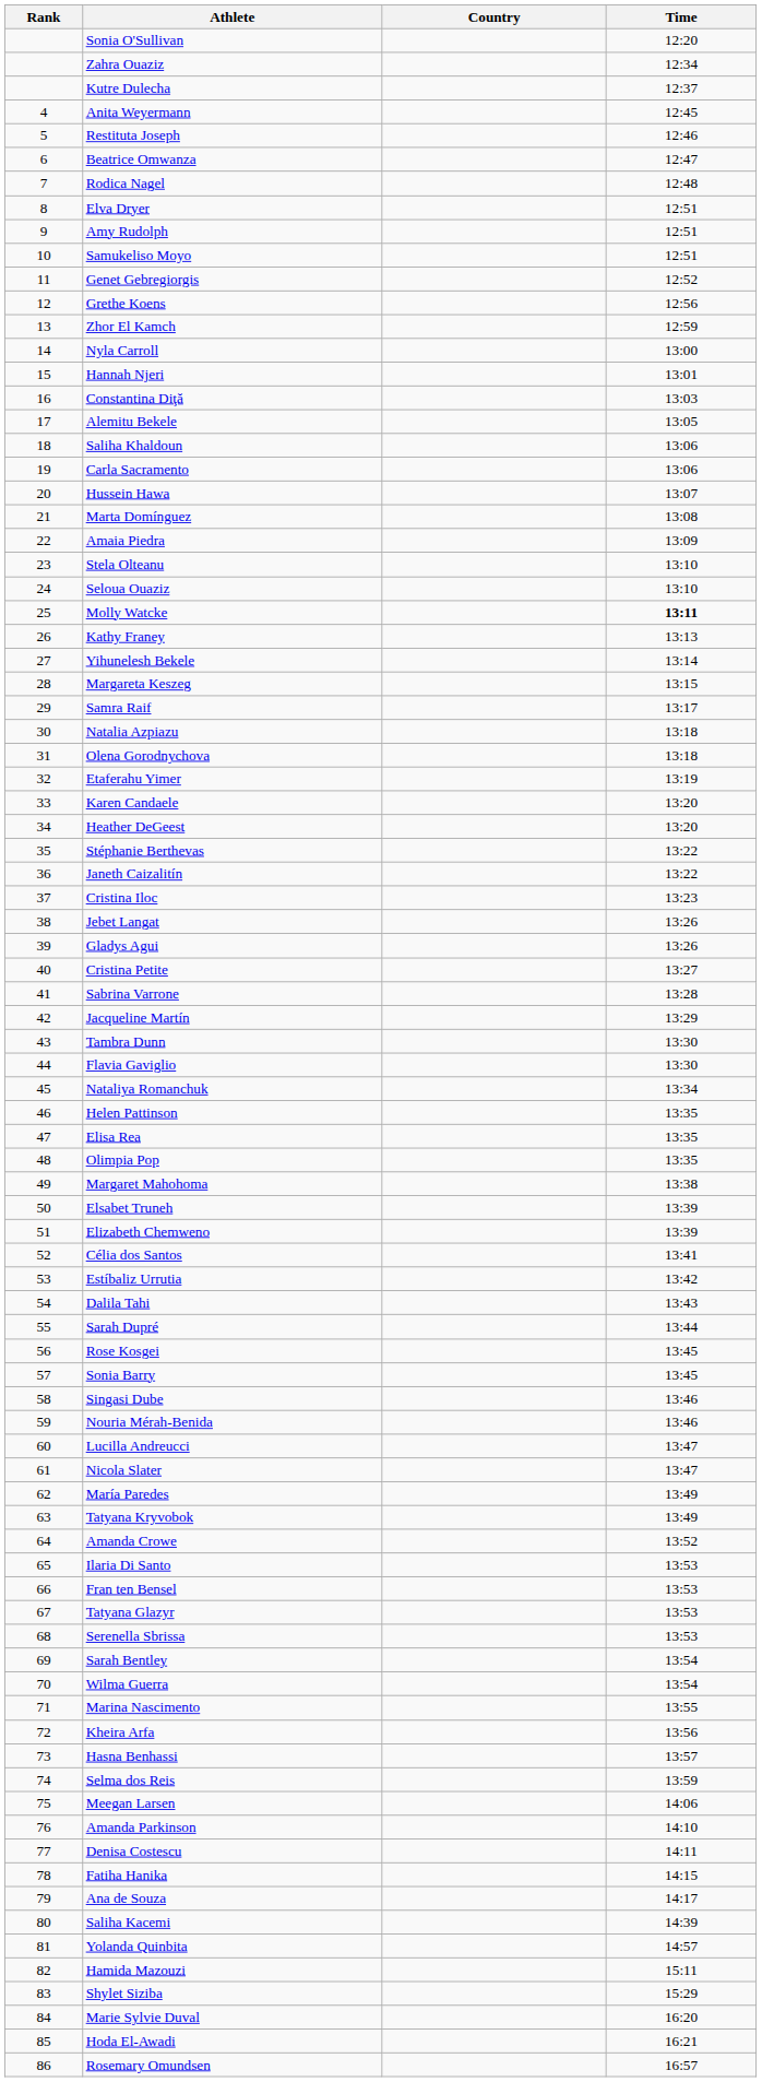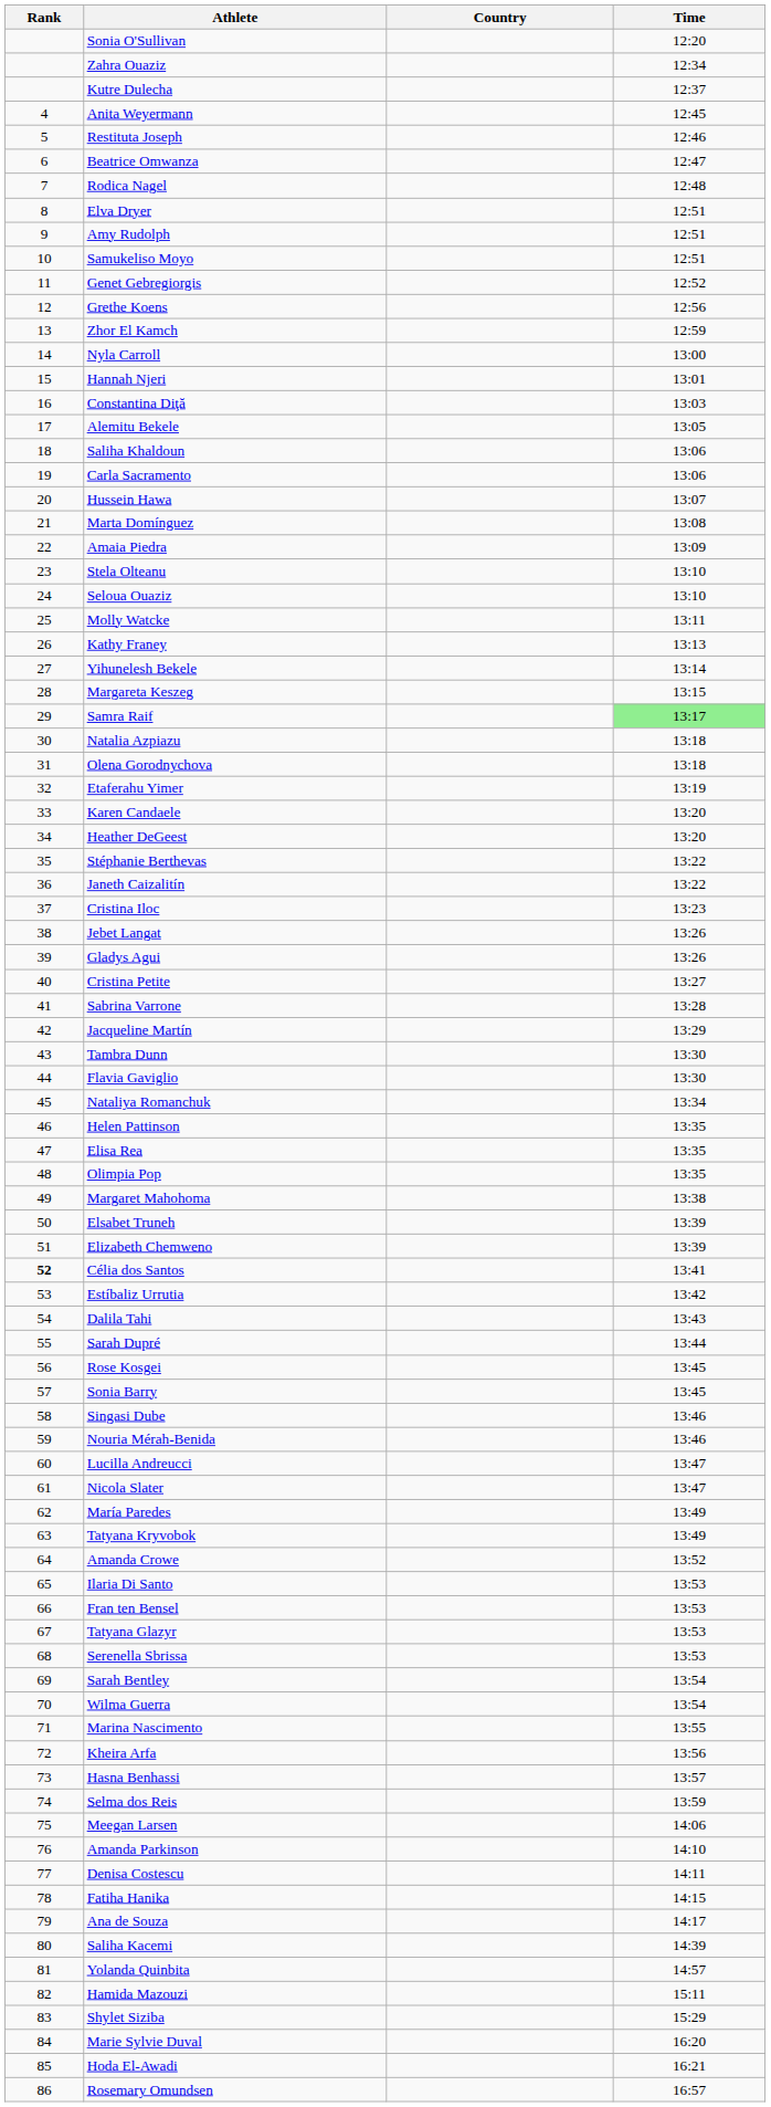 <table class="wikitable sortable" style=" text-align:center; font-size:95%;" width="50%">
 <tr>
 <th width=5%>Rank</th>
 <th width=20%>Athlete</th>
 <th width=15%>Country</th>
 <th width=10%>Time</th>
 </tr>
 <tr>
 <td align=center></td>
 <td align=left><a href='#'>Sonia O'Sullivan</a></td>
 <td align=left></td>
 <td>12:20</td>
 </tr>
 <tr>
 <td align=center></td>
 <td align=left><a href='#'>Zahra Ouaziz</a></td>
 <td align=left></td>
 <td>12:34</td>
 </tr>
 <tr>
 <td align=center></td>
 <td align=left><a href='#'>Kutre Dulecha</a></td>
 <td align=left></td>
 <td>12:37</td>
 </tr>
 <tr>
 <td align=center>4</td>
 <td align=left><a href='#'>Anita Weyermann</a></td>
 <td align=left></td>
 <td>12:45</td>
 </tr>
 <tr>
 <td align=center>5</td>
 <td align=left><a href='#'>Restituta Joseph</a></td>
 <td align=left></td>
 <td>12:46</td>
 </tr>
 <tr>
 <td align=center>6</td>
 <td align=left><a href='#'>Beatrice Omwanza</a></td>
 <td align=left></td>
 <td>12:47</td>
 </tr>
 <tr>
 <td align=center>7</td>
 <td align=left><a href='#'>Rodica Nagel</a></td>
 <td align=left></td>
 <td>12:48</td>
 </tr>
 <tr>
 <td align=center>8</td>
 <td align=left><a href='#'>Elva Dryer</a></td>
 <td align=left></td>
 <td>12:51</td>
 </tr>
 <tr>
 <td align=center>9</td>
 <td align=left><a href='#'>Amy Rudolph</a></td>
 <td align=left></td>
 <td>12:51</td>
 </tr>
 <tr>
 <td align=center>10</td>
 <td align=left><a href='#'>Samukeliso Moyo</a></td>
 <td align=left></td>
 <td>12:51</td>
 </tr>
 <tr>
 <td align=center>11</td>
 <td align=left><a href='#'>Genet Gebregiorgis</a></td>
 <td align=left></td>
 <td>12:52</td>
 </tr>
 <tr>
 <td align=center>12</td>
 <td align=left><a href='#'>Grethe Koens</a></td>
 <td align=left></td>
 <td>12:56</td>
 </tr>
 <tr>
 <td align=center>13</td>
 <td align=left><a href='#'>Zhor El Kamch</a></td>
 <td align=left></td>
 <td>12:59</td>
 </tr>
 <tr>
 <td align=center>14</td>
 <td align=left><a href='#'>Nyla Carroll</a></td>
 <td align=left></td>
 <td>13:00</td>
 </tr>
 <tr>
 <td align=center>15</td>
 <td align=left><a href='#'>Hannah Njeri</a></td>
 <td align=left></td>
 <td>13:01</td>
 </tr>
 <tr>
 <td align=center>16</td>
 <td align=left><a href='#'>Constantina Diţă</a></td>
 <td align=left></td>
 <td>13:03</td>
 </tr>
 <tr>
 <td align=center>17</td>
 <td align=left><a href='#'>Alemitu Bekele</a></td>
 <td align=left></td>
 <td>13:05</td>
 </tr>
 <tr>
 <td align=center>18</td>
 <td align=left><a href='#'>Saliha Khaldoun</a></td>
 <td align=left></td>
 <td>13:06</td>
 </tr>
 <tr>
 <td align=center>19</td>
 <td align=left><a href='#'>Carla Sacramento</a></td>
 <td align=left></td>
 <td>13:06</td>
 </tr>
 <tr>
 <td align=center>20</td>
 <td align=left><a href='#'>Hussein Hawa</a></td>
 <td align=left></td>
 <td>13:07</td>
 </tr>
 <tr>
 <td align=center>21</td>
 <td align=left><a href='#'>Marta Domínguez</a></td>
 <td align=left></td>
 <td>13:08</td>
 </tr>
 <tr>
 <td align=center>22</td>
 <td align=left><a href='#'>Amaia Piedra</a></td>
 <td align=left></td>
 <td>13:09</td>
 </tr>
 <tr>
 <td align=center>23</td>
 <td align=left><a href='#'>Stela Olteanu</a></td>
 <td align=left></td>
 <td>13:10</td>
 </tr>
 <tr>
 <td align=center>24</td>
 <td align=left><a href='#'>Seloua Ouaziz</a></td>
 <td align=left></td>
 <td>13:10</td>
 </tr>
 <tr>
 <td align=center>25</td>
 <td align=left><a href='#'>Molly Watcke</a></td>
 <td align=left></td>
-<td><strong>13:11</strong></td>
+<td>13:11</td>
 </tr>
 <tr>
 <td align=center>26</td>
 <td align=left><a href='#'>Kathy Franey</a></td>
 <td align=left></td>
 <td>13:13</td>
 </tr>
 <tr>
 <td align=center>27</td>
 <td align=left><a href='#'>Yihunelesh Bekele</a></td>
 <td align=left></td>
 <td>13:14</td>
 </tr>
 <tr>
 <td align=center>28</td>
 <td align=left><a href='#'>Margareta Keszeg</a></td>
 <td align=left></td>
 <td>13:15</td>
 </tr>
 <tr>
 <td align=center>29</td>
 <td align=left><a href='#'>Samra Raif</a></td>
 <td align=left></td>
-<td>13:17</td>
+<td style="background: lightgreen;">13:17</td>
 </tr>
 <tr>
 <td align=center>30</td>
 <td align=left><a href='#'>Natalia Azpiazu</a></td>
 <td align=left></td>
 <td>13:18</td>
 </tr>
 <tr>
 <td align=center>31</td>
 <td align=left><a href='#'>Olena Gorodnychova</a></td>
 <td align=left></td>
 <td>13:18</td>
 </tr>
 <tr>
 <td align=center>32</td>
 <td align=left><a href='#'>Etaferahu Yimer</a></td>
 <td align=left></td>
 <td>13:19</td>
 </tr>
 <tr>
 <td align=center>33</td>
 <td align=left><a href='#'>Karen Candaele</a></td>
 <td align=left></td>
 <td>13:20</td>
 </tr>
 <tr>
 <td align=center>34</td>
 <td align=left><a href='#'>Heather DeGeest</a></td>
 <td align=left></td>
 <td>13:20</td>
 </tr>
 <tr>
 <td align=center>35</td>
 <td align=left><a href='#'>Stéphanie Berthevas</a></td>
 <td align=left></td>
 <td>13:22</td>
 </tr>
 <tr>
 <td align=center>36</td>
 <td align=left><a href='#'>Janeth Caizalitín</a></td>
 <td align=left></td>
 <td>13:22</td>
 </tr>
 <tr>
 <td align=center>37</td>
 <td align=left><a href='#'>Cristina Iloc</a></td>
 <td align=left></td>
 <td>13:23</td>
 </tr>
 <tr>
 <td align=center>38</td>
 <td align=left><a href='#'>Jebet Langat</a></td>
 <td align=left></td>
 <td>13:26</td>
 </tr>
 <tr>
 <td align=center>39</td>
 <td align=left><a href='#'>Gladys Agui</a></td>
 <td align=left></td>
 <td>13:26</td>
 </tr>
 <tr>
 <td align=center>40</td>
 <td align=left><a href='#'>Cristina Petite</a></td>
 <td align=left></td>
 <td>13:27</td>
 </tr>
 <tr>
 <td align=center>41</td>
 <td align=left><a href='#'>Sabrina Varrone</a></td>
 <td align=left></td>
 <td>13:28</td>
 </tr>
 <tr>
 <td align=center>42</td>
 <td align=left><a href='#'>Jacqueline Martín</a></td>
 <td align=left></td>
 <td>13:29</td>
 </tr>
 <tr>
 <td align=center>43</td>
 <td align=left><a href='#'>Tambra Dunn</a></td>
 <td align=left></td>
 <td>13:30</td>
 </tr>
 <tr>
 <td align=center>44</td>
 <td align=left><a href='#'>Flavia Gaviglio</a></td>
 <td align=left></td>
 <td>13:30</td>
 </tr>
 <tr>
 <td align=center>45</td>
 <td align=left><a href='#'>Nataliya Romanchuk</a></td>
 <td align=left></td>
 <td>13:34</td>
 </tr>
 <tr>
 <td align=center>46</td>
 <td align=left><a href='#'>Helen Pattinson</a></td>
 <td align=left></td>
 <td>13:35</td>
 </tr>
 <tr>
 <td align=center>47</td>
 <td align=left><a href='#'>Elisa Rea</a></td>
 <td align=left></td>
 <td>13:35</td>
 </tr>
 <tr>
 <td align=center>48</td>
 <td align=left><a href='#'>Olimpia Pop</a></td>
 <td align=left></td>
 <td>13:35</td>
 </tr>
 <tr>
 <td align=center>49</td>
 <td align=left><a href='#'>Margaret Mahohoma</a></td>
 <td align=left></td>
 <td>13:38</td>
 </tr>
 <tr>
 <td align=center>50</td>
 <td align=left><a href='#'>Elsabet Truneh</a></td>
 <td align=left></td>
 <td>13:39</td>
 </tr>
 <tr>
 <td align=center>51</td>
 <td align=left><a href='#'>Elizabeth Chemweno</a></td>
 <td align=left></td>
 <td>13:39</td>
 </tr>
 <tr>
-<td align=center>52</td>
+<td align=center><strong>52</strong></td>
 <td align=left><a href='#'>Célia dos Santos</a></td>
 <td align=left></td>
 <td>13:41</td>
 </tr>
 <tr>
 <td align=center>53</td>
 <td align=left><a href='#'>Estíbaliz Urrutia</a></td>
 <td align=left></td>
 <td>13:42</td>
 </tr>
 <tr>
 <td align=center>54</td>
 <td align=left><a href='#'>Dalila Tahi</a></td>
 <td align=left></td>
 <td>13:43</td>
 </tr>
 <tr>
 <td align=center>55</td>
 <td align=left><a href='#'>Sarah Dupré</a></td>
 <td align=left></td>
 <td>13:44</td>
 </tr>
 <tr>
 <td align=center>56</td>
 <td align=left><a href='#'>Rose Kosgei</a></td>
 <td align=left></td>
 <td>13:45</td>
 </tr>
 <tr>
 <td align=center>57</td>
 <td align=left><a href='#'>Sonia Barry</a></td>
 <td align=left></td>
 <td>13:45</td>
 </tr>
 <tr>
 <td align=center>58</td>
 <td align=left><a href='#'>Singasi Dube</a></td>
 <td align=left></td>
 <td>13:46</td>
 </tr>
 <tr>
 <td align=center>59</td>
 <td align=left><a href='#'>Nouria Mérah-Benida</a></td>
 <td align=left></td>
 <td>13:46</td>
 </tr>
 <tr>
 <td align=center>60</td>
 <td align=left><a href='#'>Lucilla Andreucci</a></td>
 <td align=left></td>
 <td>13:47</td>
 </tr>
 <tr>
 <td align=center>61</td>
 <td align=left><a href='#'>Nicola Slater</a></td>
 <td align=left></td>
 <td>13:47</td>
 </tr>
 <tr>
 <td align=center>62</td>
 <td align=left><a href='#'>María Paredes</a></td>
 <td align=left></td>
 <td>13:49</td>
 </tr>
 <tr>
 <td align=center>63</td>
 <td align=left><a href='#'>Tatyana Kryvobok</a></td>
 <td align=left></td>
 <td>13:49</td>
 </tr>
 <tr>
 <td align=center>64</td>
 <td align=left><a href='#'>Amanda Crowe</a></td>
 <td align=left></td>
 <td>13:52</td>
 </tr>
 <tr>
 <td align=center>65</td>
 <td align=left><a href='#'>Ilaria Di Santo</a></td>
 <td align=left></td>
 <td>13:53</td>
 </tr>
 <tr>
 <td align=center>66</td>
 <td align=left><a href='#'>Fran ten Bensel</a></td>
 <td align=left></td>
 <td>13:53</td>
 </tr>
 <tr>
 <td align=center>67</td>
 <td align=left><a href='#'>Tatyana Glazyr</a></td>
 <td align=left></td>
 <td>13:53</td>
 </tr>
 <tr>
 <td align=center>68</td>
 <td align=left><a href='#'>Serenella Sbrissa</a></td>
 <td align=left></td>
 <td>13:53</td>
 </tr>
 <tr>
 <td align=center>69</td>
 <td align=left><a href='#'>Sarah Bentley</a></td>
 <td align=left></td>
 <td>13:54</td>
 </tr>
 <tr>
 <td align=center>70</td>
 <td align=left><a href='#'>Wilma Guerra</a></td>
 <td align=left></td>
 <td>13:54</td>
 </tr>
 <tr>
 <td align=center>71</td>
 <td align=left><a href='#'>Marina Nascimento</a></td>
 <td align=left></td>
 <td>13:55</td>
 </tr>
 <tr>
 <td align=center>72</td>
 <td align=left><a href='#'>Kheira Arfa</a></td>
 <td align=left></td>
 <td>13:56</td>
 </tr>
 <tr>
 <td align=center>73</td>
 <td align=left><a href='#'>Hasna Benhassi</a></td>
 <td align=left></td>
 <td>13:57</td>
 </tr>
 <tr>
 <td align=center>74</td>
 <td align=left><a href='#'>Selma dos Reis</a></td>
 <td align=left></td>
 <td>13:59</td>
 </tr>
 <tr>
 <td align=center>75</td>
 <td align=left><a href='#'>Meegan Larsen</a></td>
 <td align=left></td>
 <td>14:06</td>
 </tr>
 <tr>
 <td align=center>76</td>
 <td align=left><a href='#'>Amanda Parkinson</a></td>
 <td align=left></td>
 <td>14:10</td>
 </tr>
 <tr>
 <td align=center>77</td>
 <td align=left><a href='#'>Denisa Costescu</a></td>
 <td align=left></td>
 <td>14:11</td>
 </tr>
 <tr>
 <td align=center>78</td>
 <td align=left><a href='#'>Fatiha Hanika</a></td>
 <td align=left></td>
 <td>14:15</td>
 </tr>
 <tr>
 <td align=center>79</td>
 <td align=left><a href='#'>Ana de Souza</a></td>
 <td align=left></td>
 <td>14:17</td>
 </tr>
 <tr>
 <td align=center>80</td>
 <td align=left><a href='#'>Saliha Kacemi</a></td>
 <td align=left></td>
 <td>14:39</td>
 </tr>
 <tr>
 <td align=center>81</td>
 <td align=left><a href='#'>Yolanda Quinbita</a></td>
 <td align=left></td>
 <td>14:57</td>
 </tr>
 <tr>
 <td align=center>82</td>
 <td align=left><a href='#'>Hamida Mazouzi</a></td>
 <td align=left></td>
 <td>15:11</td>
 </tr>
 <tr>
 <td align=center>83</td>
 <td align=left><a href='#'>Shylet Siziba</a></td>
 <td align=left></td>
 <td>15:29</td>
 </tr>
 <tr>
 <td align=center>84</td>
 <td align=left><a href='#'>Marie Sylvie Duval</a></td>
 <td align=left></td>
 <td>16:20</td>
 </tr>
 <tr>
 <td align=center>85</td>
 <td align=left><a href='#'>Hoda El-Awadi</a></td>
 <td align=left></td>
 <td>16:21</td>
 </tr>
 <tr>
 <td align=center>86</td>
 <td align=left><a href='#'>Rosemary Omundsen</a></td>
 <td align=left></td>
 <td>16:57</td>
 </tr>
 </table>
